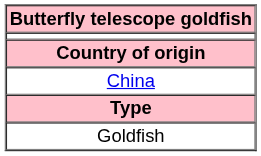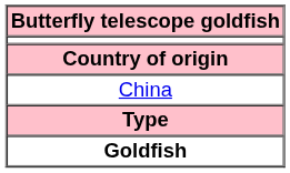 <table border=1 cellspacing=0 align="right" cellpadding=2>
 <tr align=center bgcolor=pink>
 <th>Butterfly telescope goldfish</th>
 </tr>
 <tr align=center>
 <td></td>
 </tr>
 <tr align=center bgcolor=pink>
 <th>Country of origin</th>
 </tr>
 <tr align=center>
 <td><a href='#'>China</a></td>
 </tr>
 <tr align=center bgcolor=pink>
 <th>Type</th>
 </tr>
 <tr align=center>
-<td>Goldfish</td>
+<td><strong>Goldfish</strong></td>
 </tr>
 <tr align=center bgcolor=pink>
 </tr>
 </table>
